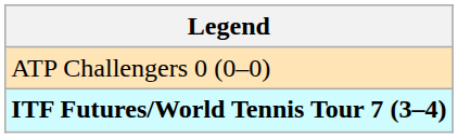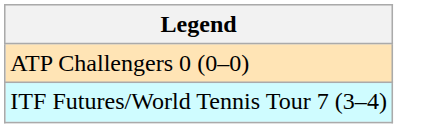 <table class=wikitable style=font-size:97%>
 <tr>
 <th>Legend</th>
 </tr>
 <tr style="background:moccasin;">
 <td>ATP Challengers 0 (0–0)</td>
 </tr>
 <tr style="background:#cffcff;">
-<td><strong>ITF Futures/World Tennis Tour 7 (3–4)</strong></td>
+<td>ITF Futures/World Tennis Tour 7 (3–4)</td>
 </tr>
 </table>
